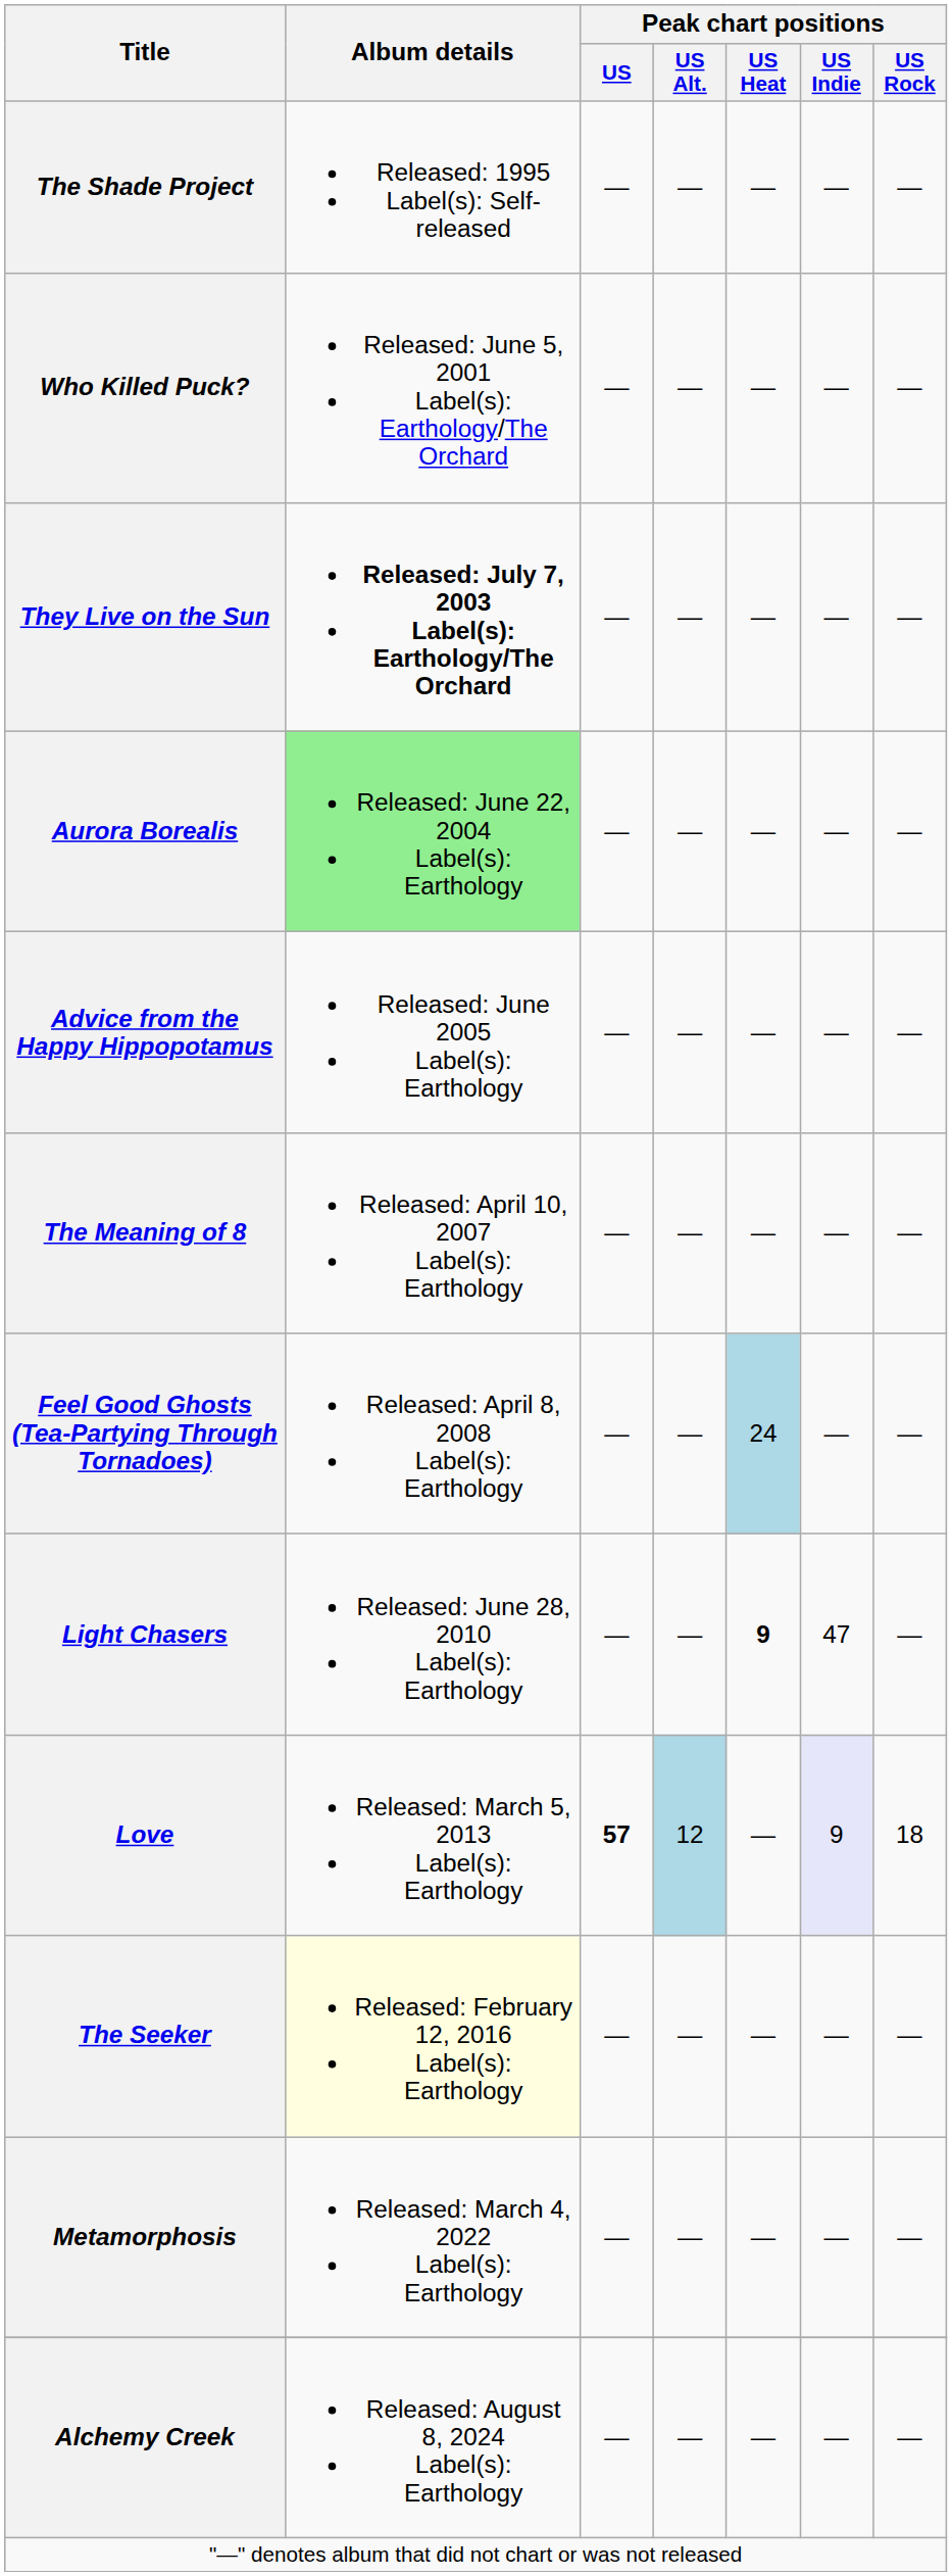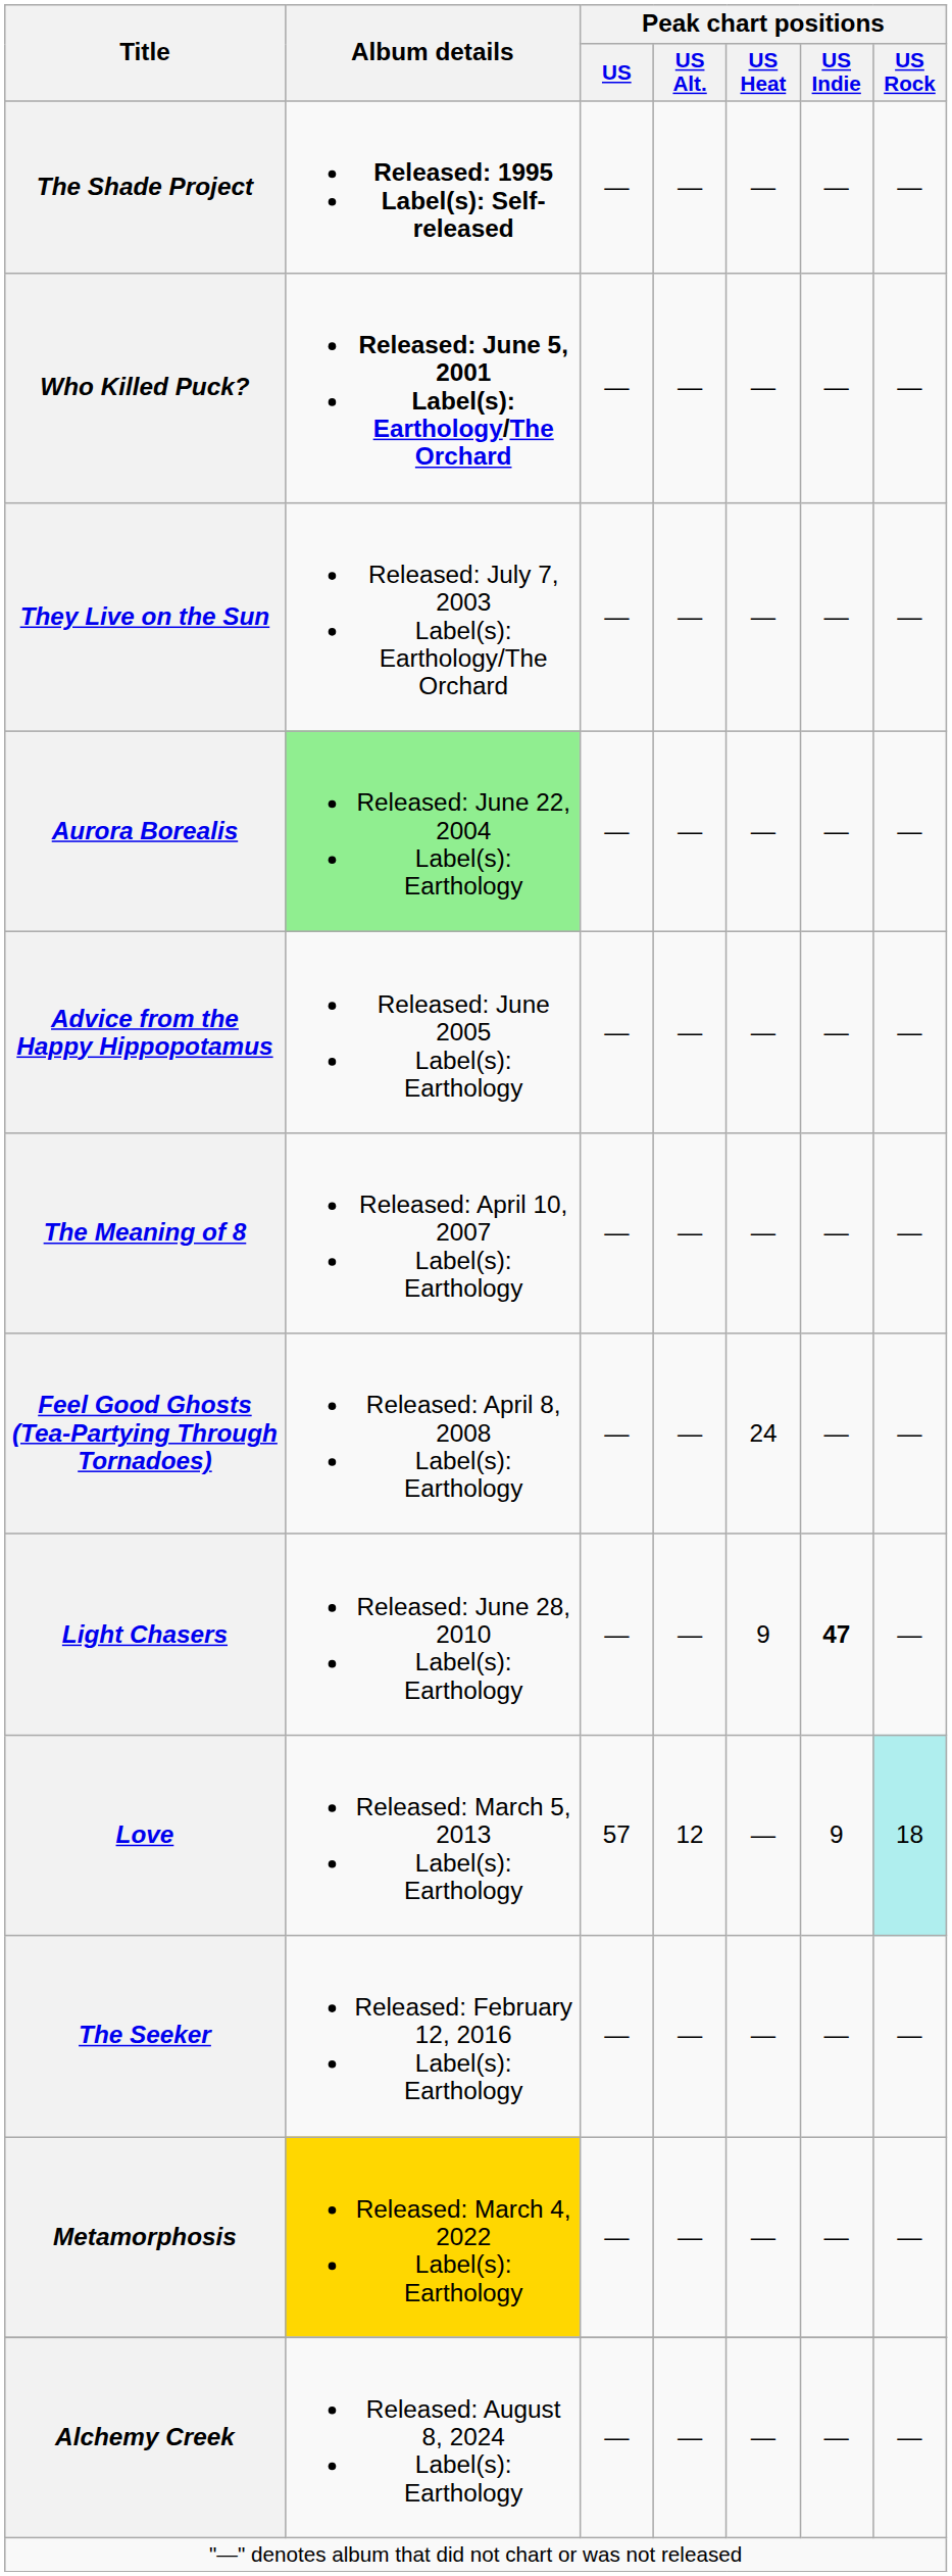 <table class="wikitable plainrowheaders" style="text-align:center;">
 <tr>
 <th scope="col" rowspan="2">Title</th>
 <th scope="col" rowspan="2">Album details</th>
 <th scope="col" colspan="5">Peak chart positions</th>
 </tr>
 <tr>
 <th scope="col" style="width:3em;font-size:85%;"><a href='#'>US</a><br></th>
 <th scope="col" style="width:3em;font-size:85%;"><a href='#'>US Alt.</a><br></th>
 <th scope="col" style="width:3em;font-size:85%;"><a href='#'>US Heat</a><br></th>
 <th scope="col" style="width:3em;font-size:85%;"><a href='#'>US Indie</a><br></th>
 <th scope="col" style="width:3em;font-size:85%;"><a href='#'>US Rock</a><br></th>
 </tr>
 <tr>
 <th scope="row"><em>The Shade Project</em></th>
-<td><br><ul><li>Released: 1995</li><li>Label(s): Self-released</li></ul></td>
+<td><strong><br><ul><li>Released: 1995</li><li>Label(s): Self-released</li></ul></strong></td>
 <td>—</td>
 <td>—</td>
 <td>—</td>
 <td>—</td>
 <td>—</td>
 </tr>
 <tr>
 <th scope="row"><em>Who Killed Puck?</em></th>
-<td><br><ul><li>Released: June 5, 2001</li><li>Label(s): <a href='#'>Earthology</a>/<a href='#'>The Orchard</a></li></ul></td>
+<td><strong><br><ul><li>Released: June 5, 2001</li><li>Label(s): <a href='#'>Earthology</a>/<a href='#'>The Orchard</a></li></ul></strong></td>
 <td>—</td>
 <td>—</td>
 <td>—</td>
 <td>—</td>
 <td>—</td>
 </tr>
 <tr>
 <th scope="row"><em><a href='#'>They Live on the Sun</a></em></th>
-<td><strong><br><ul><li>Released: July 7, 2003</li><li>Label(s): Earthology/The Orchard</li></ul></strong></td>
+<td><br><ul><li>Released: July 7, 2003</li><li>Label(s): Earthology/The Orchard</li></ul></td>
 <td>—</td>
 <td>—</td>
 <td>—</td>
 <td>—</td>
 <td>—</td>
 </tr>
 <tr>
 <th scope="row"><em><a href='#'>Aurora Borealis</a></em></th>
 <td style="background: lightgreen;"><br><ul><li>Released: June 22, 2004</li><li>Label(s): Earthology</li></ul></td>
 <td>—</td>
 <td>—</td>
 <td>—</td>
 <td>—</td>
 <td>—</td>
 </tr>
 <tr>
 <th scope="row"><em><a href='#'>Advice from the Happy Hippopotamus</a></em></th>
 <td><br><ul><li>Released: June 2005</li><li>Label(s): Earthology</li></ul></td>
 <td>—</td>
 <td>—</td>
 <td>—</td>
 <td>—</td>
 <td>—</td>
 </tr>
 <tr>
 <th scope="row"><em><a href='#'>The Meaning of 8</a></em></th>
 <td><br><ul><li>Released: April 10, 2007</li><li>Label(s): Earthology</li></ul></td>
 <td>—</td>
 <td>—</td>
 <td>—</td>
 <td>—</td>
 <td>—</td>
 </tr>
 <tr>
 <th scope="row"><em><a href='#'>Feel Good Ghosts (Tea-Partying Through Tornadoes)</a></em></th>
 <td><br><ul><li>Released: April 8, 2008</li><li>Label(s): Earthology</li></ul></td>
 <td>—</td>
 <td>—</td>
-<td style="background: lightblue;">24</td>
+<td>24</td>
 <td>—</td>
 <td>—</td>
 </tr>
 <tr>
 <th scope="row"><em><a href='#'>Light Chasers</a></em></th>
 <td><br><ul><li>Released: June 28, 2010</li><li>Label(s): Earthology</li></ul></td>
 <td>—</td>
 <td>—</td>
-<td><strong>9</strong></td>
-<td>47</td>
+<td>9</td>
+<td><strong>47</strong></td>
 <td>—</td>
 </tr>
 <tr>
 <th scope="row"><em><a href='#'>Love</a></em></th>
 <td><br><ul><li>Released: March 5, 2013</li><li>Label(s): Earthology</li></ul></td>
-<td><strong>57</strong></td>
-<td style="background: lightblue;">12</td>
+<td>57</td>
+<td>12</td>
 <td>—</td>
-<td style="background: lavender;">9</td>
-<td>18</td>
+<td>9</td>
+<td style="background: paleturquoise;">18</td>
 </tr>
 <tr>
 <th scope="row"><em><a href='#'>The Seeker</a></em></th>
-<td style="background: lightyellow;"><br><ul><li>Released: February 12, 2016</li><li>Label(s): Earthology</li></ul></td>
+<td><br><ul><li>Released: February 12, 2016</li><li>Label(s): Earthology</li></ul></td>
 <td>—</td>
 <td>—</td>
 <td>—</td>
 <td>—</td>
 <td>—</td>
 </tr>
 <tr>
 <th scope="row"><em>Metamorphosis</em></th>
-<td><br><ul><li>Released: March 4, 2022</li><li>Label(s): Earthology</li></ul></td>
+<td style="background: gold;"><br><ul><li>Released: March 4, 2022</li><li>Label(s): Earthology</li></ul></td>
 <td>—</td>
 <td>—</td>
 <td>—</td>
 <td>—</td>
 <td>—</td>
 </tr>
 <tr>
 </tr>
 <tr>
 <th scope="row"><em>Alchemy Creek</em></th>
 <td><br><ul><li>Released: August 8, 2024</li><li>Label(s): Earthology</li></ul></td>
 <td>—</td>
 <td>—</td>
 <td>—</td>
 <td>—</td>
 <td>—</td>
 </tr>
 <tr>
 <td colspan="18" style="text-align:center; font-size:85%;">"—" denotes album that did not chart or was not released</td>
 </tr>
 <tr>
 </tr>
 </table>
